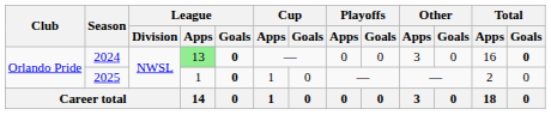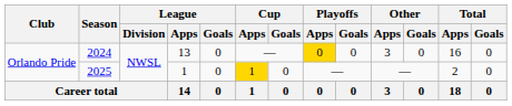 <table class="wikitable" style="text-align: center;">
 <tr>
 <th rowspan="2">Club</th>
 <th rowspan="2">Season</th>
 <th colspan="3">League</th>
 <th colspan="2">Cup</th>
 <th colspan="2">Playoffs</th>
 <th colspan="2">Other</th>
 <th colspan="2">Total</th>
 </tr>
 <tr>
 <th>Division</th>
 <th>Apps</th>
 <th>Goals</th>
 <th>Apps</th>
 <th>Goals</th>
 <th>Apps</th>
 <th>Goals</th>
 <th>Apps</th>
 <th>Goals</th>
 <th>Apps</th>
 <th>Goals</th>
 </tr>
 <tr>
 <td rowspan="2"><a href='#'>Orlando Pride</a></td>
 <td><a href='#'>2024</a></td>
 <td rowspan="2"><a href='#'>NWSL</a></td>
-<td style="background: lightgreen;">13</td>
-<td><strong>0</strong></td>
+<td>13</td>
+<td>0</td>
 <td colspan="2">—</td>
-<td>0</td>
+<td style="background: gold;">0</td>
 <td>0</td>
 <td>3</td>
 <td>0</td>
 <td>16</td>
-<td><strong>0</strong></td>
+<td>0</td>
 </tr>
 <tr>
 <td><a href='#'>2025</a></td>
 <td>1</td>
-<td><strong>0</strong></td>
-<td>1</td>
+<td>0</td>
+<td style="background: gold;">1</td>
 <td>0</td>
 <td colspan="2">—</td>
 <td colspan="2">—</td>
 <td>2</td>
 <td>0</td>
 </tr>
 <tr>
 <th colspan="3">Career total</th>
 <th>14</th>
 <th>0</th>
 <th>1</th>
 <th>0</th>
 <th>0</th>
 <th>0</th>
 <th>3</th>
 <th>0</th>
 <th>18</th>
 <th>0</th>
 </tr>
 </table>
